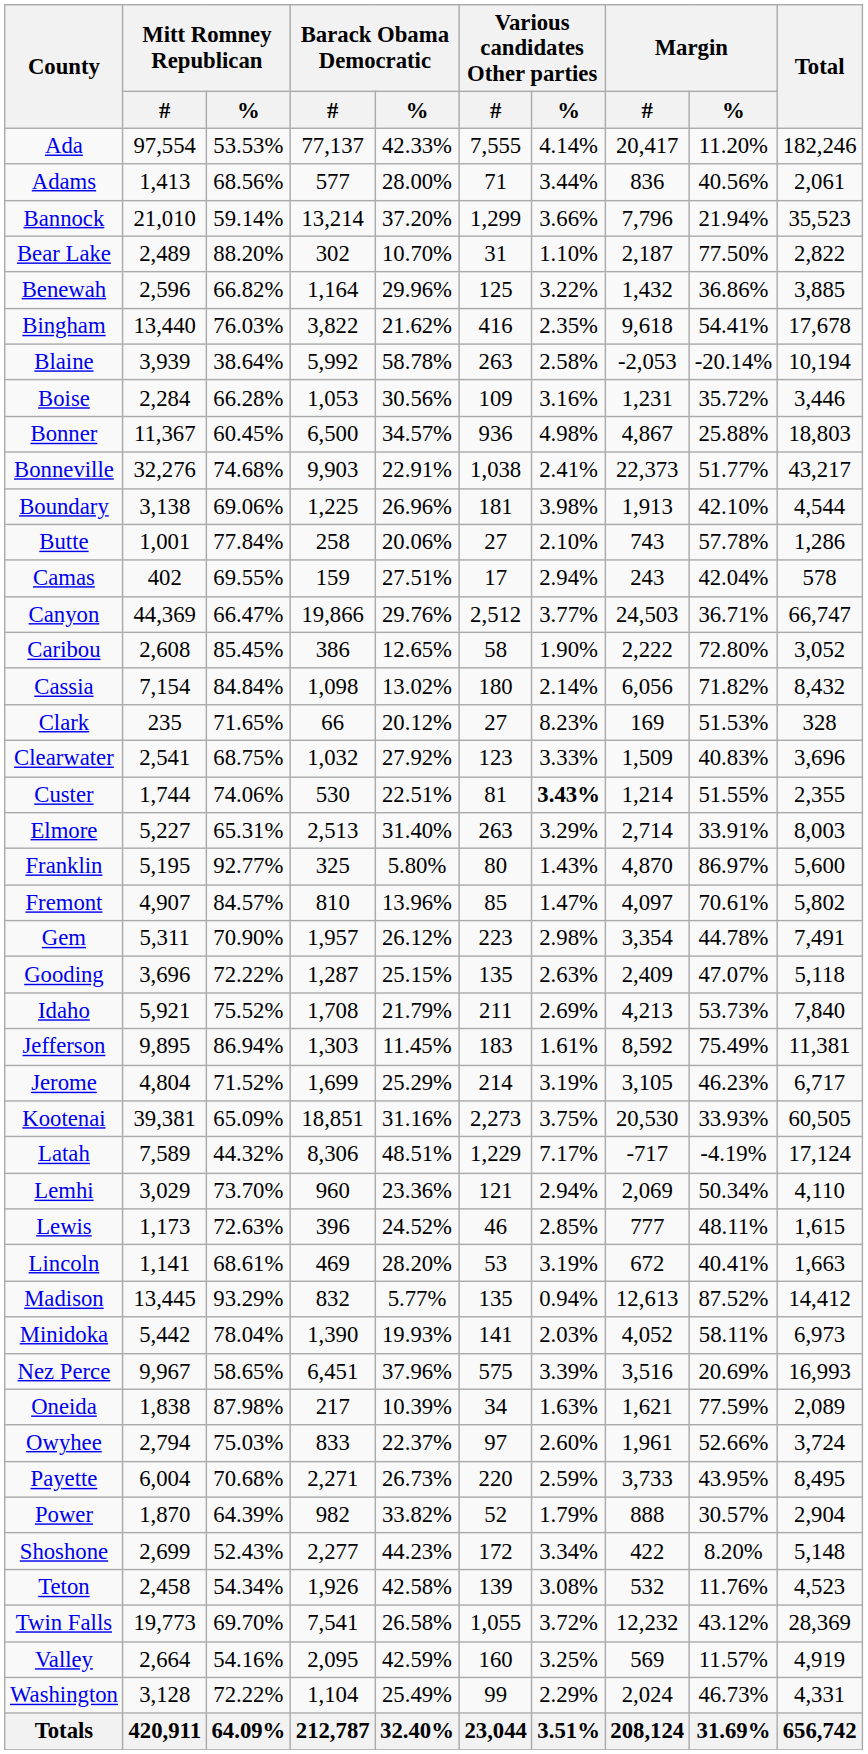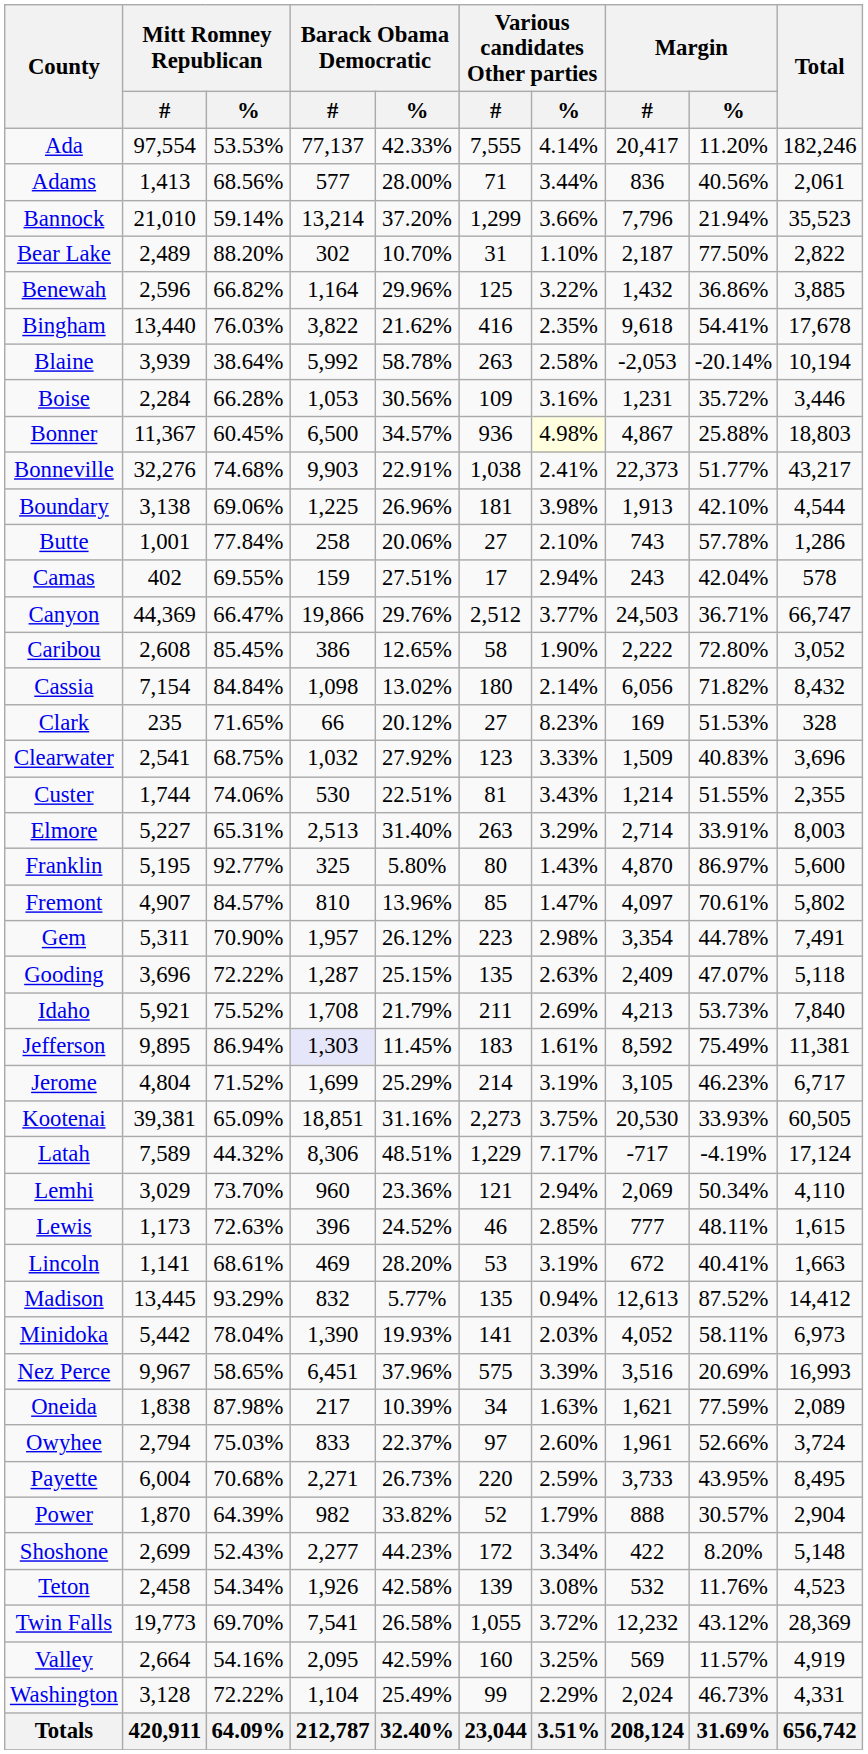 <table width="60%" class="wikitable sortable">
 <tr>
 <th rowspan="2">County</th>
 <th colspan="2">Mitt Romney<br>Republican</th>
 <th colspan="2">Barack Obama<br>Democratic</th>
 <th colspan="2">Various candidates<br>Other parties</th>
 <th colspan="2">Margin</th>
 <th rowspan="2">Total</th>
 </tr>
 <tr>
 <th style="text-align:center;" data-sort-type="number">#</th>
 <th style="text-align:center;" data-sort-type="number">%</th>
 <th style="text-align:center;" data-sort-type="number">#</th>
 <th style="text-align:center;" data-sort-type="number">%</th>
 <th style="text-align:center;" data-sort-type="number">#</th>
 <th style="text-align:center;" data-sort-type="number">%</th>
 <th style="text-align:center;" data-sort-type="number">#</th>
 <th style="text-align:center;" data-sort-type="number">%</th>
 </tr>
 <tr style="text-align:center;">
 <td><a href='#'>Ada</a></td>
 <td>97,554</td>
 <td>53.53%</td>
 <td>77,137</td>
 <td>42.33%</td>
 <td>7,555</td>
 <td>4.14%</td>
 <td>20,417</td>
 <td>11.20%</td>
 <td>182,246</td>
 </tr>
 <tr style="text-align:center;">
 <td><a href='#'>Adams</a></td>
 <td>1,413</td>
 <td>68.56%</td>
 <td>577</td>
 <td>28.00%</td>
 <td>71</td>
 <td>3.44%</td>
 <td>836</td>
 <td>40.56%</td>
 <td>2,061</td>
 </tr>
 <tr style="text-align:center;">
 <td><a href='#'>Bannock</a></td>
 <td>21,010</td>
 <td>59.14%</td>
 <td>13,214</td>
 <td>37.20%</td>
 <td>1,299</td>
 <td>3.66%</td>
 <td>7,796</td>
 <td>21.94%</td>
 <td>35,523</td>
 </tr>
 <tr style="text-align:center;">
 <td><a href='#'>Bear Lake</a></td>
 <td>2,489</td>
 <td>88.20%</td>
 <td>302</td>
 <td>10.70%</td>
 <td>31</td>
 <td>1.10%</td>
 <td>2,187</td>
 <td>77.50%</td>
 <td>2,822</td>
 </tr>
 <tr style="text-align:center;">
 <td><a href='#'>Benewah</a></td>
 <td>2,596</td>
 <td>66.82%</td>
 <td>1,164</td>
 <td>29.96%</td>
 <td>125</td>
 <td>3.22%</td>
 <td>1,432</td>
 <td>36.86%</td>
 <td>3,885</td>
 </tr>
 <tr style="text-align:center;">
 <td><a href='#'>Bingham</a></td>
 <td>13,440</td>
 <td>76.03%</td>
 <td>3,822</td>
 <td>21.62%</td>
 <td>416</td>
 <td>2.35%</td>
 <td>9,618</td>
 <td>54.41%</td>
 <td>17,678</td>
 </tr>
 <tr style="text-align:center;">
 <td><a href='#'>Blaine</a></td>
 <td>3,939</td>
 <td>38.64%</td>
 <td>5,992</td>
 <td>58.78%</td>
 <td>263</td>
 <td>2.58%</td>
 <td>-2,053</td>
 <td>-20.14%</td>
 <td>10,194</td>
 </tr>
 <tr style="text-align:center;">
 <td><a href='#'>Boise</a></td>
 <td>2,284</td>
 <td>66.28%</td>
 <td>1,053</td>
 <td>30.56%</td>
 <td>109</td>
 <td>3.16%</td>
 <td>1,231</td>
 <td>35.72%</td>
 <td>3,446</td>
 </tr>
 <tr style="text-align:center;">
 <td><a href='#'>Bonner</a></td>
 <td>11,367</td>
 <td>60.45%</td>
 <td>6,500</td>
 <td>34.57%</td>
 <td>936</td>
-<td>4.98%</td>
+<td style="background: lightyellow;">4.98%</td>
 <td>4,867</td>
 <td>25.88%</td>
 <td>18,803</td>
 </tr>
 <tr style="text-align:center;">
 <td><a href='#'>Bonneville</a></td>
 <td>32,276</td>
 <td>74.68%</td>
 <td>9,903</td>
 <td>22.91%</td>
 <td>1,038</td>
 <td>2.41%</td>
 <td>22,373</td>
 <td>51.77%</td>
 <td>43,217</td>
 </tr>
 <tr style="text-align:center;">
 <td><a href='#'>Boundary</a></td>
 <td>3,138</td>
 <td>69.06%</td>
 <td>1,225</td>
 <td>26.96%</td>
 <td>181</td>
 <td>3.98%</td>
 <td>1,913</td>
 <td>42.10%</td>
 <td>4,544</td>
 </tr>
 <tr style="text-align:center;">
 <td><a href='#'>Butte</a></td>
 <td>1,001</td>
 <td>77.84%</td>
 <td>258</td>
 <td>20.06%</td>
 <td>27</td>
 <td>2.10%</td>
 <td>743</td>
 <td>57.78%</td>
 <td>1,286</td>
 </tr>
 <tr style="text-align:center;">
 <td><a href='#'>Camas</a></td>
 <td>402</td>
 <td>69.55%</td>
 <td>159</td>
 <td>27.51%</td>
 <td>17</td>
 <td>2.94%</td>
 <td>243</td>
 <td>42.04%</td>
 <td>578</td>
 </tr>
 <tr style="text-align:center;">
 <td><a href='#'>Canyon</a></td>
 <td>44,369</td>
 <td>66.47%</td>
 <td>19,866</td>
 <td>29.76%</td>
 <td>2,512</td>
 <td>3.77%</td>
 <td>24,503</td>
 <td>36.71%</td>
 <td>66,747</td>
 </tr>
 <tr style="text-align:center;">
 <td><a href='#'>Caribou</a></td>
 <td>2,608</td>
 <td>85.45%</td>
 <td>386</td>
 <td>12.65%</td>
 <td>58</td>
 <td>1.90%</td>
 <td>2,222</td>
 <td>72.80%</td>
 <td>3,052</td>
 </tr>
 <tr style="text-align:center;">
 <td><a href='#'>Cassia</a></td>
 <td>7,154</td>
 <td>84.84%</td>
 <td>1,098</td>
 <td>13.02%</td>
 <td>180</td>
 <td>2.14%</td>
 <td>6,056</td>
 <td>71.82%</td>
 <td>8,432</td>
 </tr>
 <tr style="text-align:center;">
 <td><a href='#'>Clark</a></td>
 <td>235</td>
 <td>71.65%</td>
 <td>66</td>
 <td>20.12%</td>
 <td>27</td>
 <td>8.23%</td>
 <td>169</td>
 <td>51.53%</td>
 <td>328</td>
 </tr>
 <tr style="text-align:center;">
 <td><a href='#'>Clearwater</a></td>
 <td>2,541</td>
 <td>68.75%</td>
 <td>1,032</td>
 <td>27.92%</td>
 <td>123</td>
 <td>3.33%</td>
 <td>1,509</td>
 <td>40.83%</td>
 <td>3,696</td>
 </tr>
 <tr style="text-align:center;">
 <td><a href='#'>Custer</a></td>
 <td>1,744</td>
 <td>74.06%</td>
 <td>530</td>
 <td>22.51%</td>
 <td>81</td>
-<td><strong>3.43%</strong></td>
+<td>3.43%</td>
 <td>1,214</td>
 <td>51.55%</td>
 <td>2,355</td>
 </tr>
 <tr style="text-align:center;">
 <td><a href='#'>Elmore</a></td>
 <td>5,227</td>
 <td>65.31%</td>
 <td>2,513</td>
 <td>31.40%</td>
 <td>263</td>
 <td>3.29%</td>
 <td>2,714</td>
 <td>33.91%</td>
 <td>8,003</td>
 </tr>
 <tr style="text-align:center;">
 <td><a href='#'>Franklin</a></td>
 <td>5,195</td>
 <td>92.77%</td>
 <td>325</td>
 <td>5.80%</td>
 <td>80</td>
 <td>1.43%</td>
 <td>4,870</td>
 <td>86.97%</td>
 <td>5,600</td>
 </tr>
 <tr style="text-align:center;">
 <td><a href='#'>Fremont</a></td>
 <td>4,907</td>
 <td>84.57%</td>
 <td>810</td>
 <td>13.96%</td>
 <td>85</td>
 <td>1.47%</td>
 <td>4,097</td>
 <td>70.61%</td>
 <td>5,802</td>
 </tr>
 <tr style="text-align:center;">
 <td><a href='#'>Gem</a></td>
 <td>5,311</td>
 <td>70.90%</td>
 <td>1,957</td>
 <td>26.12%</td>
 <td>223</td>
 <td>2.98%</td>
 <td>3,354</td>
 <td>44.78%</td>
 <td>7,491</td>
 </tr>
 <tr style="text-align:center;">
 <td><a href='#'>Gooding</a></td>
 <td>3,696</td>
 <td>72.22%</td>
 <td>1,287</td>
 <td>25.15%</td>
 <td>135</td>
 <td>2.63%</td>
 <td>2,409</td>
 <td>47.07%</td>
 <td>5,118</td>
 </tr>
 <tr style="text-align:center;">
 <td><a href='#'>Idaho</a></td>
 <td>5,921</td>
 <td>75.52%</td>
 <td>1,708</td>
 <td>21.79%</td>
 <td>211</td>
 <td>2.69%</td>
 <td>4,213</td>
 <td>53.73%</td>
 <td>7,840</td>
 </tr>
 <tr style="text-align:center;">
 <td><a href='#'>Jefferson</a></td>
 <td>9,895</td>
 <td>86.94%</td>
-<td>1,303</td>
+<td style="background: lavender;">1,303</td>
 <td>11.45%</td>
 <td>183</td>
 <td>1.61%</td>
 <td>8,592</td>
 <td>75.49%</td>
 <td>11,381</td>
 </tr>
 <tr style="text-align:center;">
 <td><a href='#'>Jerome</a></td>
 <td>4,804</td>
 <td>71.52%</td>
 <td>1,699</td>
 <td>25.29%</td>
 <td>214</td>
 <td>3.19%</td>
 <td>3,105</td>
 <td>46.23%</td>
 <td>6,717</td>
 </tr>
 <tr style="text-align:center;">
 <td><a href='#'>Kootenai</a></td>
 <td>39,381</td>
 <td>65.09%</td>
 <td>18,851</td>
 <td>31.16%</td>
 <td>2,273</td>
 <td>3.75%</td>
 <td>20,530</td>
 <td>33.93%</td>
 <td>60,505</td>
 </tr>
 <tr style="text-align:center;">
 <td><a href='#'>Latah</a></td>
 <td>7,589</td>
 <td>44.32%</td>
 <td>8,306</td>
 <td>48.51%</td>
 <td>1,229</td>
 <td>7.17%</td>
 <td>-717</td>
 <td>-4.19%</td>
 <td>17,124</td>
 </tr>
 <tr style="text-align:center;">
 <td><a href='#'>Lemhi</a></td>
 <td>3,029</td>
 <td>73.70%</td>
 <td>960</td>
 <td>23.36%</td>
 <td>121</td>
 <td>2.94%</td>
 <td>2,069</td>
 <td>50.34%</td>
 <td>4,110</td>
 </tr>
 <tr style="text-align:center;">
 <td><a href='#'>Lewis</a></td>
 <td>1,173</td>
 <td>72.63%</td>
 <td>396</td>
 <td>24.52%</td>
 <td>46</td>
 <td>2.85%</td>
 <td>777</td>
 <td>48.11%</td>
 <td>1,615</td>
 </tr>
 <tr style="text-align:center;">
 <td><a href='#'>Lincoln</a></td>
 <td>1,141</td>
 <td>68.61%</td>
 <td>469</td>
 <td>28.20%</td>
 <td>53</td>
 <td>3.19%</td>
 <td>672</td>
 <td>40.41%</td>
 <td>1,663</td>
 </tr>
 <tr style="text-align:center;">
 <td><a href='#'>Madison</a></td>
 <td>13,445</td>
 <td>93.29%</td>
 <td>832</td>
 <td>5.77%</td>
 <td>135</td>
 <td>0.94%</td>
 <td>12,613</td>
 <td>87.52%</td>
 <td>14,412</td>
 </tr>
 <tr style="text-align:center;">
 <td><a href='#'>Minidoka</a></td>
 <td>5,442</td>
 <td>78.04%</td>
 <td>1,390</td>
 <td>19.93%</td>
 <td>141</td>
 <td>2.03%</td>
 <td>4,052</td>
 <td>58.11%</td>
 <td>6,973</td>
 </tr>
 <tr style="text-align:center;">
 <td><a href='#'>Nez Perce</a></td>
 <td>9,967</td>
 <td>58.65%</td>
 <td>6,451</td>
 <td>37.96%</td>
 <td>575</td>
 <td>3.39%</td>
 <td>3,516</td>
 <td>20.69%</td>
 <td>16,993</td>
 </tr>
 <tr style="text-align:center;">
 <td><a href='#'>Oneida</a></td>
 <td>1,838</td>
 <td>87.98%</td>
 <td>217</td>
 <td>10.39%</td>
 <td>34</td>
 <td>1.63%</td>
 <td>1,621</td>
 <td>77.59%</td>
 <td>2,089</td>
 </tr>
 <tr style="text-align:center;">
 <td><a href='#'>Owyhee</a></td>
 <td>2,794</td>
 <td>75.03%</td>
 <td>833</td>
 <td>22.37%</td>
 <td>97</td>
 <td>2.60%</td>
 <td>1,961</td>
 <td>52.66%</td>
 <td>3,724</td>
 </tr>
 <tr style="text-align:center;">
 <td><a href='#'>Payette</a></td>
 <td>6,004</td>
 <td>70.68%</td>
 <td>2,271</td>
 <td>26.73%</td>
 <td>220</td>
 <td>2.59%</td>
 <td>3,733</td>
 <td>43.95%</td>
 <td>8,495</td>
 </tr>
 <tr style="text-align:center;">
 <td><a href='#'>Power</a></td>
 <td>1,870</td>
 <td>64.39%</td>
 <td>982</td>
 <td>33.82%</td>
 <td>52</td>
 <td>1.79%</td>
 <td>888</td>
 <td>30.57%</td>
 <td>2,904</td>
 </tr>
 <tr style="text-align:center;">
 <td><a href='#'>Shoshone</a></td>
 <td>2,699</td>
 <td>52.43%</td>
 <td>2,277</td>
 <td>44.23%</td>
 <td>172</td>
 <td>3.34%</td>
 <td>422</td>
 <td>8.20%</td>
 <td>5,148</td>
 </tr>
 <tr style="text-align:center;">
 <td><a href='#'>Teton</a></td>
 <td>2,458</td>
 <td>54.34%</td>
 <td>1,926</td>
 <td>42.58%</td>
 <td>139</td>
 <td>3.08%</td>
 <td>532</td>
 <td>11.76%</td>
 <td>4,523</td>
 </tr>
 <tr style="text-align:center;">
 <td><a href='#'>Twin Falls</a></td>
 <td>19,773</td>
 <td>69.70%</td>
 <td>7,541</td>
 <td>26.58%</td>
 <td>1,055</td>
 <td>3.72%</td>
 <td>12,232</td>
 <td>43.12%</td>
 <td>28,369</td>
 </tr>
 <tr style="text-align:center;">
 <td><a href='#'>Valley</a></td>
 <td>2,664</td>
 <td>54.16%</td>
 <td>2,095</td>
 <td>42.59%</td>
 <td>160</td>
 <td>3.25%</td>
 <td>569</td>
 <td>11.57%</td>
 <td>4,919</td>
 </tr>
 <tr style="text-align:center;">
 <td><a href='#'>Washington</a></td>
 <td>3,128</td>
 <td>72.22%</td>
 <td>1,104</td>
 <td>25.49%</td>
 <td>99</td>
 <td>2.29%</td>
 <td>2,024</td>
 <td>46.73%</td>
 <td>4,331</td>
 </tr>
 <tr>
 <th>Totals</th>
 <th>420,911</th>
 <th>64.09%</th>
 <th>212,787</th>
 <th>32.40%</th>
 <th>23,044</th>
 <th>3.51%</th>
 <th>208,124</th>
 <th>31.69%</th>
 <th>656,742</th>
 </tr>
 </table>
